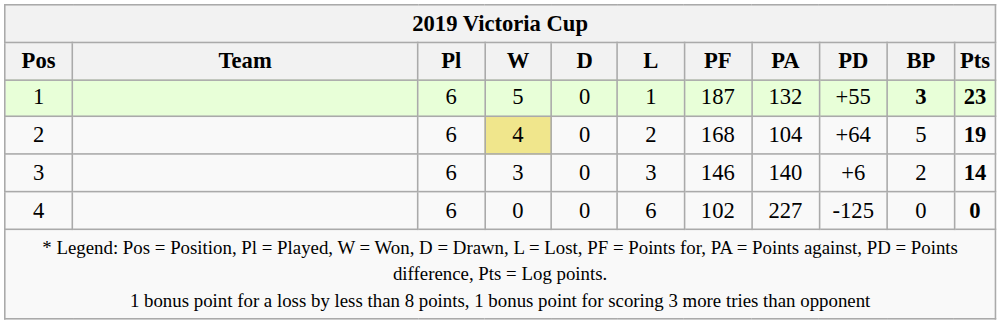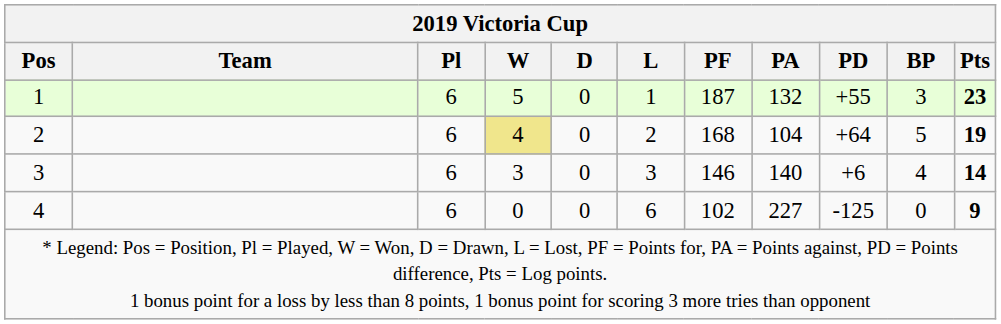 <table class="wikitable" style="text-align:center; font-size:90%; width:50%;">
 <tr>
 <th colspan="100" cellpadding="0" cellspacing="0"><strong>2019 Victoria Cup</strong></th>
 </tr>
 <tr>
 <th style="width:7%;">Pos</th>
 <th style="width:37%;">Team</th>
 <th style="width:7%;">Pl</th>
 <th style="width:7%;">W</th>
 <th style="width:7%;">D</th>
 <th style="width:7%;">L</th>
 <th style="width:7%;">PF</th>
 <th style="width:7%;">PA</th>
 <th style="width:7%;">PD</th>
 <th style="width:7%;">BP</th>
 <th style="width:7%;">Pts<br></th>
 </tr>
 <tr style="background:#E8FFD8;">
 <td>1</td>
 <td align=left></td>
 <td>6</td>
 <td>5</td>
 <td>0</td>
 <td>1</td>
 <td>187</td>
 <td>132</td>
 <td>+55</td>
-<td><strong>3</strong></td>
+<td>3</td>
 <td><strong>23</strong></td>
 </tr>
 <tr>
 <td>2</td>
 <td align=left></td>
 <td>6</td>
 <td style="background: khaki;">4</td>
 <td>0</td>
 <td>2</td>
 <td>168</td>
 <td>104</td>
 <td>+64</td>
 <td>5</td>
 <td><strong>19</strong></td>
 </tr>
 <tr>
 <td>3</td>
 <td align=left></td>
 <td>6</td>
 <td>3</td>
 <td>0</td>
 <td>3</td>
 <td>146</td>
 <td>140</td>
 <td>+6</td>
-<td>2</td>
+<td>4</td>
 <td><strong>14</strong></td>
 </tr>
 <tr>
 <td>4</td>
 <td align=left></td>
 <td>6</td>
 <td>0</td>
 <td>0</td>
 <td>6</td>
 <td>102</td>
 <td>227</td>
 <td>-125</td>
 <td>0</td>
-<td><strong>0</strong></td>
+<td><strong>9</strong></td>
 </tr>
 <tr>
 <td style="border:0px" colspan="100"><small>* Legend: Pos = Position, Pl = Played, W = Won, D = Drawn, L = Lost, PF = Points for, PA = Points against, PD = Points difference, Pts = Log points.</small> <br> <small> 1 bonus point for a loss by less than 8 points, 1 bonus point for scoring 3 more tries than opponent</small></td>
 </tr>
 </table>
